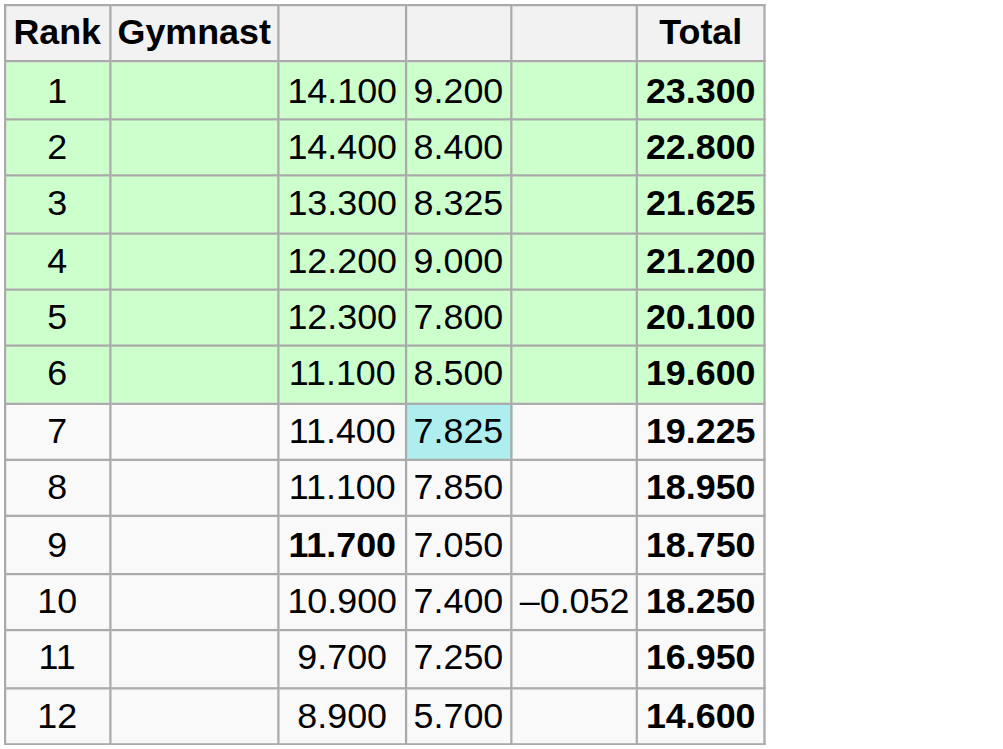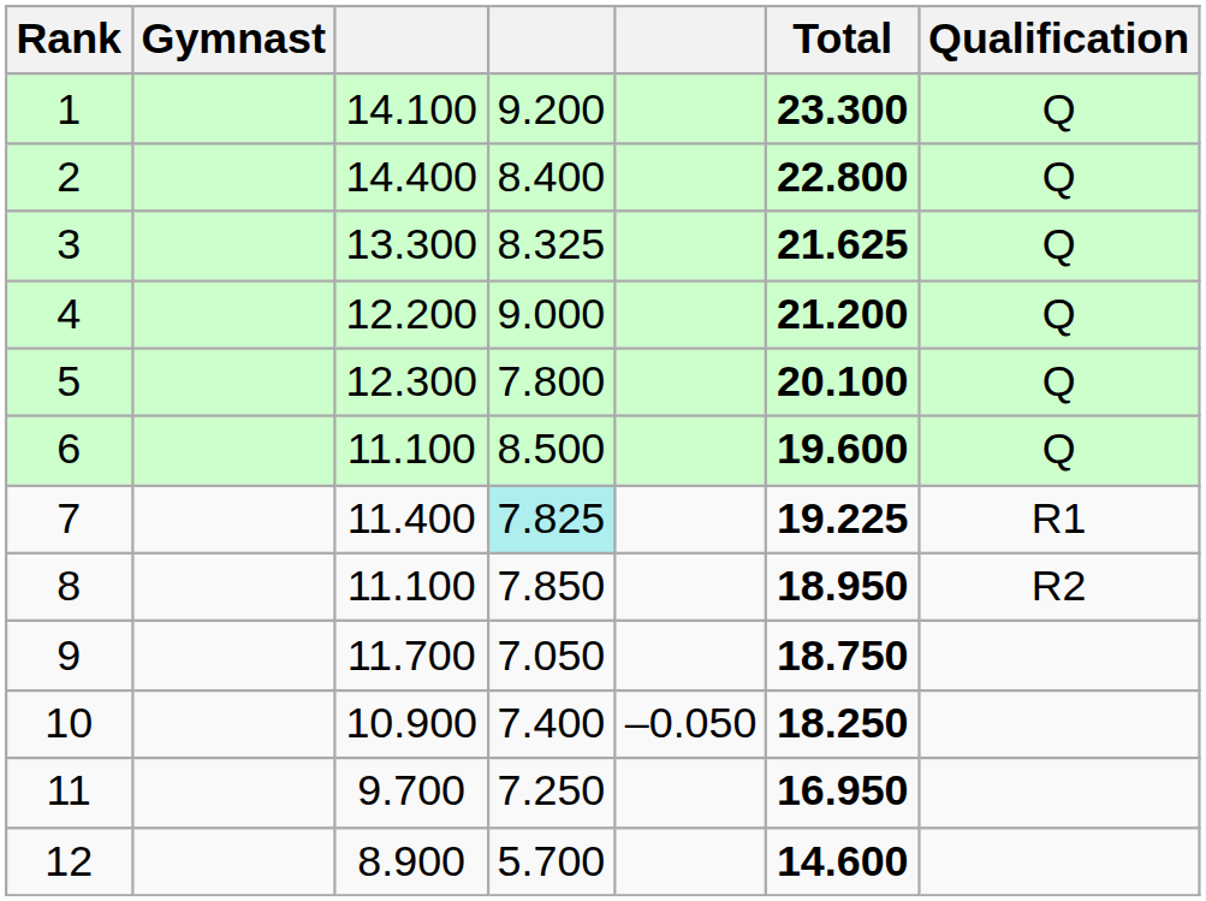 <table class="wikitable sortable" style="text-align:center">
 <tr>
 <th>Rank</th>
 <th>Gymnast</th>
 <th><small></small></th>
 <th><small></small></th>
 <th><small></small></th>
 <th>Total</th>
+<th>Qualification</th>
 </tr>
 <tr bgcolor=ccffcc>
 <td>1</td>
 <td align=left></td>
 <td>14.100</td>
 <td>9.200</td>
 <td></td>
 <td><strong>23.300</strong></td>
+<td>Q</td>
 </tr>
 <tr bgcolor=ccffcc>
 <td>2</td>
 <td align=left></td>
 <td>14.400</td>
 <td>8.400</td>
 <td></td>
 <td><strong>22.800</strong></td>
+<td>Q</td>
 </tr>
 <tr bgcolor=ccffcc>
 <td>3</td>
 <td align=left></td>
 <td>13.300</td>
 <td>8.325</td>
 <td></td>
 <td><strong>21.625</strong></td>
+<td>Q</td>
 </tr>
 <tr bgcolor=ccffcc>
 <td>4</td>
 <td align=left></td>
 <td>12.200</td>
 <td>9.000</td>
 <td></td>
 <td><strong>21.200</strong></td>
+<td>Q</td>
 </tr>
 <tr bgcolor=ccffcc>
 <td>5</td>
 <td align=left></td>
 <td>12.300</td>
 <td>7.800</td>
 <td></td>
 <td><strong>20.100</strong></td>
+<td>Q</td>
 </tr>
 <tr bgcolor=ccffcc>
 <td>6</td>
 <td align=left></td>
 <td>11.100</td>
 <td>8.500</td>
 <td></td>
 <td><strong>19.600</strong></td>
+<td>Q</td>
 </tr>
 <tr>
 <td>7</td>
 <td align=left></td>
 <td>11.400</td>
 <td style="background: paleturquoise;">7.825</td>
 <td></td>
 <td><strong>19.225</strong></td>
+<td>R1</td>
 </tr>
 <tr>
 <td>8</td>
 <td align=left></td>
 <td>11.100</td>
 <td>7.850</td>
 <td></td>
 <td><strong>18.950</strong></td>
+<td>R2</td>
 </tr>
 <tr>
 <td>9</td>
 <td align=left></td>
-<td><strong>11.700</strong></td>
+<td>11.700</td>
 <td>7.050</td>
 <td></td>
 <td><strong>18.750</strong></td>
+<td></td>
 </tr>
 <tr>
 <td>10</td>
 <td align=left></td>
 <td>10.900</td>
 <td>7.400</td>
-<td>–0.052</td>
+<td>–0.050</td>
 <td><strong>18.250</strong></td>
+<td></td>
 </tr>
 <tr>
 <td>11</td>
 <td align=left></td>
 <td>9.700</td>
 <td>7.250</td>
 <td></td>
 <td><strong>16.950</strong></td>
+<td></td>
 </tr>
 <tr>
 <td>12</td>
 <td align=left></td>
 <td>8.900</td>
 <td>5.700</td>
 <td></td>
 <td><strong>14.600</strong></td>
+<td></td>
 </tr>
 </table>
